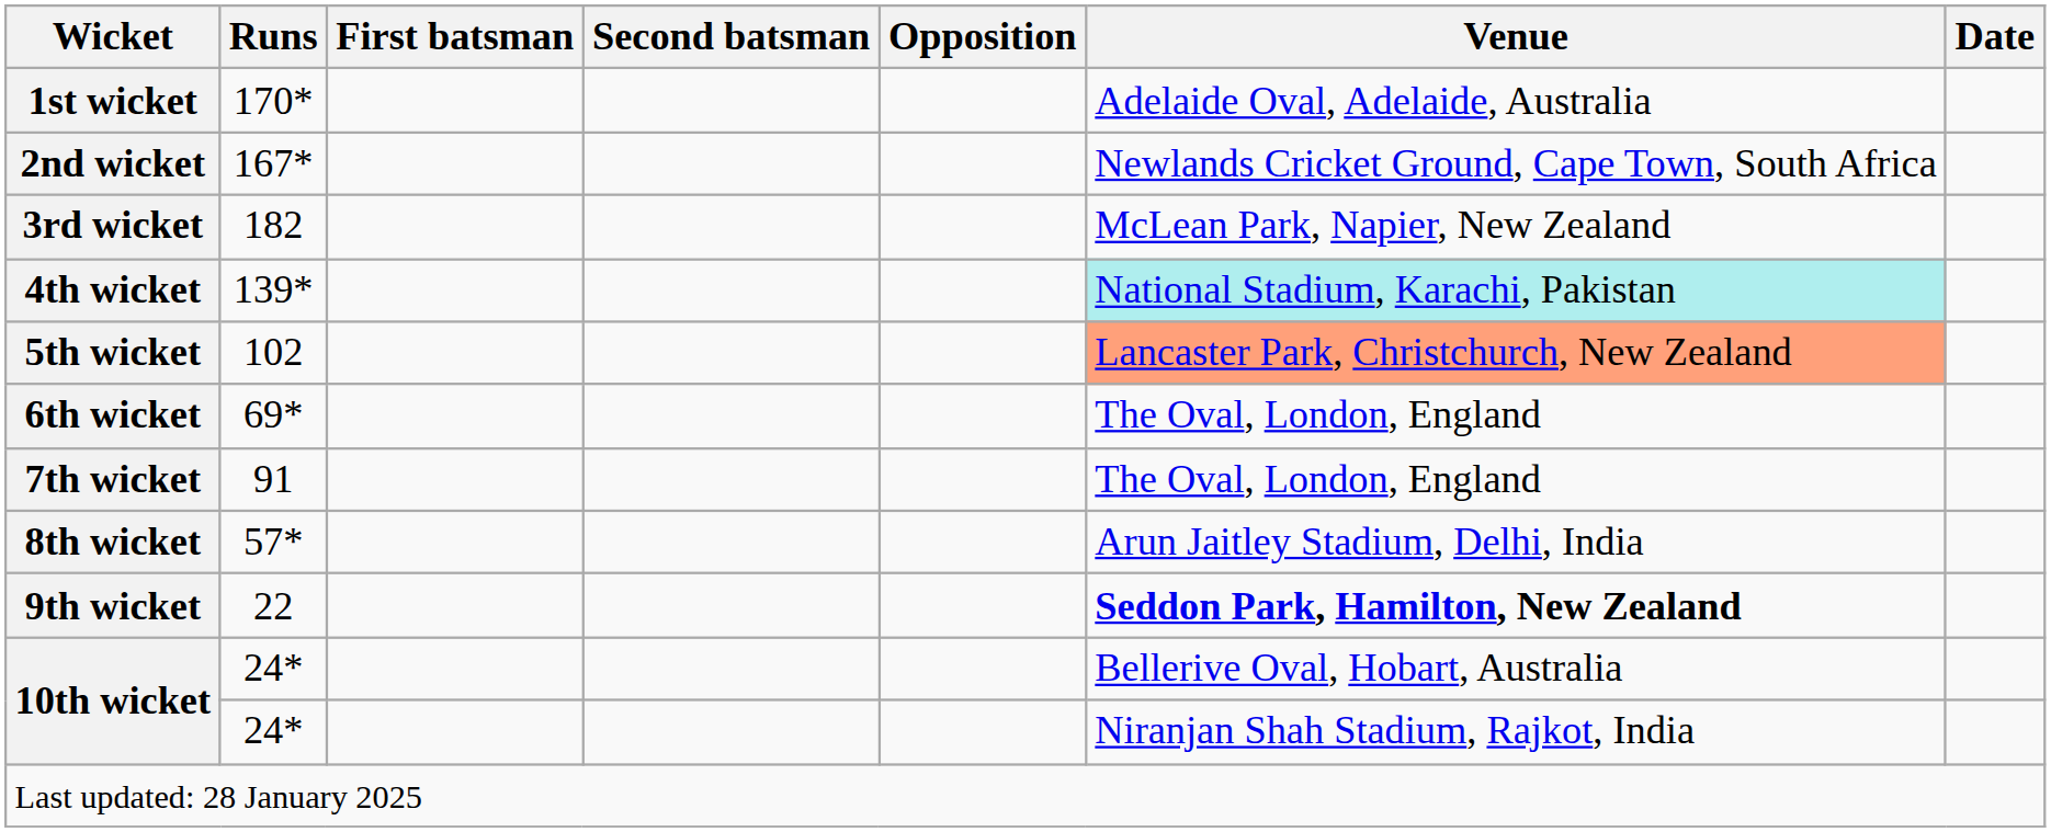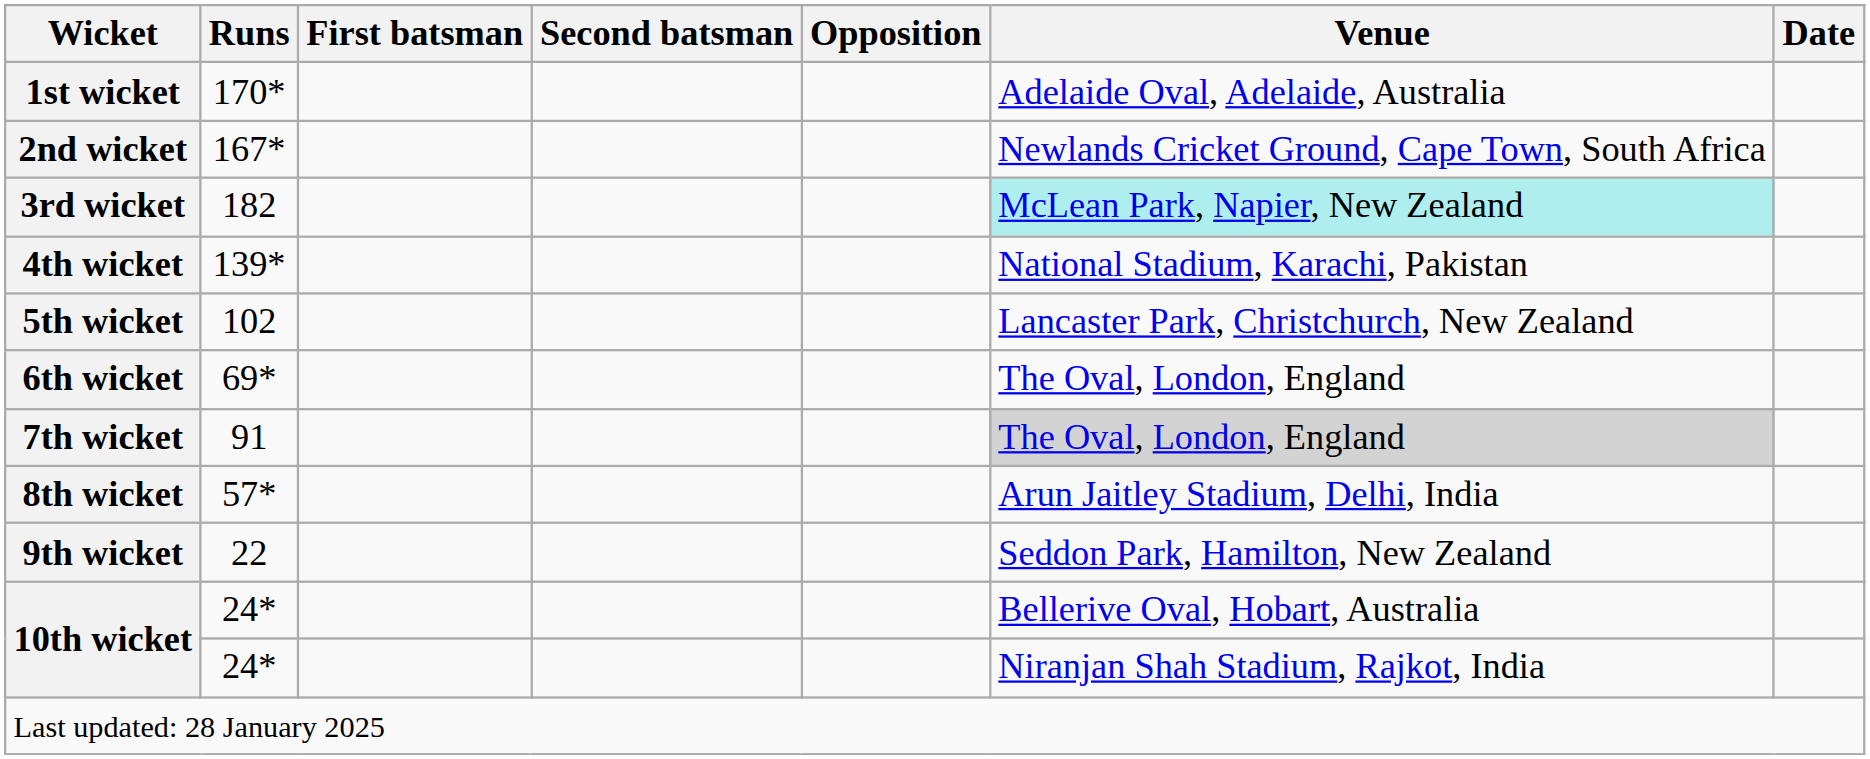 <table class="wikitable plainrowheaders">
 <tr>
 <th scope=col>Wicket</th>
 <th scope=col>Runs</th>
 <th scope=col>First batsman</th>
 <th scope=col>Second batsman</th>
 <th scope=col>Opposition</th>
 <th scope=col>Venue</th>
 <th scope=col>Date</th>
 </tr>
 <tr>
 <th align=center>1st wicket</th>
 <td scope=row style=text-align:center;>170*</td>
 <td></td>
 <td></td>
 <td></td>
 <td><a href='#'>Adelaide Oval</a>, <a href='#'>Adelaide</a>, Australia</td>
 <td> </td>
 </tr>
 <tr>
 <th align=center>2nd wicket</th>
 <td scope=row style=text-align:center;>167*</td>
 <td></td>
 <td></td>
 <td></td>
 <td><a href='#'>Newlands Cricket Ground</a>, <a href='#'>Cape Town</a>, South Africa</td>
 <td></td>
 </tr>
 <tr>
 <th align=center>3rd wicket</th>
 <td scope=row style=text-align:center;>182</td>
 <td></td>
 <td></td>
 <td></td>
-<td><a href='#'>McLean Park</a>, <a href='#'>Napier</a>, New Zealand</td>
+<td style="background: paleturquoise;"><a href='#'>McLean Park</a>, <a href='#'>Napier</a>, New Zealand</td>
 <td></td>
 </tr>
 <tr>
 <th align=center>4th wicket</th>
 <td scope=row style=text-align:center;>139*</td>
 <td></td>
 <td></td>
 <td></td>
-<td style="background: paleturquoise;"><a href='#'>National Stadium</a>, <a href='#'>Karachi</a>, Pakistan</td>
+<td><a href='#'>National Stadium</a>, <a href='#'>Karachi</a>, Pakistan</td>
 <td></td>
 </tr>
 <tr>
 <th align=center>5th wicket</th>
 <td scope=row style=text-align:center;>102</td>
 <td></td>
 <td></td>
 <td></td>
-<td style="background: lightsalmon;"><a href='#'>Lancaster Park</a>, <a href='#'>Christchurch</a>, New Zealand</td>
+<td><a href='#'>Lancaster Park</a>, <a href='#'>Christchurch</a>, New Zealand</td>
 <td></td>
 </tr>
 <tr>
 <th align=center>6th wicket</th>
 <td scope=row style=text-align:center;>69*</td>
 <td></td>
 <td></td>
 <td></td>
 <td><a href='#'>The Oval</a>, <a href='#'>London</a>, England</td>
 <td></td>
 </tr>
 <tr>
 <th align=center>7th wicket</th>
 <td scope=row style=text-align:center;>91</td>
 <td></td>
 <td></td>
 <td></td>
-<td><a href='#'>The Oval</a>, <a href='#'>London</a>, England</td>
+<td style="background: lightgrey;"><a href='#'>The Oval</a>, <a href='#'>London</a>, England</td>
 <td></td>
 </tr>
 <tr>
 <th align=center>8th wicket</th>
 <td scope=row style=text-align:center;>57*</td>
 <td></td>
 <td></td>
 <td></td>
 <td><a href='#'>Arun Jaitley Stadium</a>, <a href='#'>Delhi</a>, India</td>
 <td> </td>
 </tr>
 <tr>
 <th align=center>9th wicket</th>
 <td scope=row style=text-align:center;>22</td>
 <td></td>
 <td></td>
 <td></td>
-<td><strong><a href='#'>Seddon Park</a>, <a href='#'>Hamilton</a>, New Zealand</strong></td>
+<td><a href='#'>Seddon Park</a>, <a href='#'>Hamilton</a>, New Zealand</td>
 <td></td>
 </tr>
 <tr>
 <th align=center ; rowspan=2>10th wicket</th>
 <td scope=row style=text-align:center>24*</td>
 <td></td>
 <td></td>
 <td></td>
 <td><a href='#'>Bellerive Oval</a>, <a href='#'>Hobart</a>, Australia</td>
 <td></td>
 </tr>
 <tr>
 <td scope=row style=text-align:center>24*</td>
 <td></td>
 <td></td>
 <td></td>
 <td><a href='#'>Niranjan Shah Stadium</a>, <a href='#'>Rajkot</a>, India</td>
 <td></td>
 </tr>
 <tr class=sortbottom>
 <td colspan=7><small>Last updated: 28 January 2025</small></td>
 </tr>
 </table>
